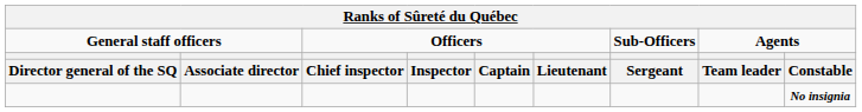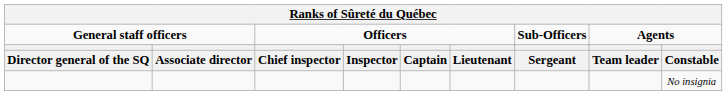 <table class="wikitable">
 <tr>
 <th colspan="9"><u>Ranks of Sûreté du Québec</u></th>
 </tr>
 <tr>
 <td colspan=2 style="text-align:center;"><strong>General staff officers</strong></td>
 <td colspan=4 style="text-align:center;"><strong>Officers</strong></td>
 <td><strong>Sub-Officers</strong></td>
 <td colspan=2 style="text-align:center;"><strong>Agents</strong></td>
 </tr>
 <tr>
 <th></th>
 <th></th>
 <th></th>
 <th></th>
 <th></th>
 <th></th>
 <th></th>
 <th></th>
 <th></th>
 </tr>
 <tr>
 <th>Director general of the SQ</th>
 <th>Associate director</th>
 <th>Chief inspector</th>
 <th>Inspector</th>
 <th>Captain</th>
 <th>Lieutenant</th>
 <th>Sergeant</th>
 <th>Team leader</th>
 <th>Constable</th>
 </tr>
 <tr style="text-align:center;">
 <td></td>
 <td></td>
 <td></td>
 <td></td>
 <td></td>
 <td></td>
 <td></td>
 <td></td>
-<td><strong><small><em>No insignia</em></small></strong></td>
+<td><small><em>No insignia</em></small></td>
 </tr>
 </table>
